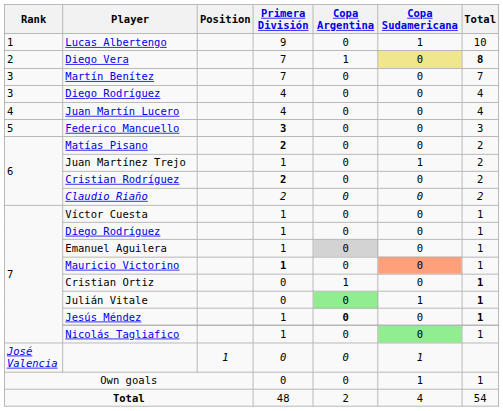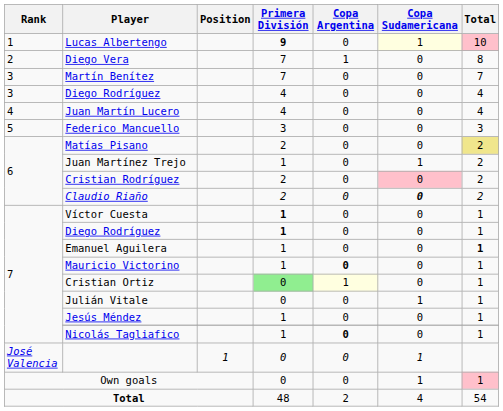 <table class="wikitable">
 <tr>
 <th>Rank</th>
 <th style="width:160px;">Player</th>
 <th>Position</th>
 <th><a href='#'>Primera División</a></th>
 <th><a href='#'>Copa Argentina</a></th>
 <th><a href='#'>Copa Sudamericana</a></th>
 <th>Total</th>
 </tr>
 <tr>
 <td>1</td>
 <td align=left> <a href='#'>Lucas Albertengo</a></td>
 <td align=center></td>
-<td align=center>9</td>
+<td align=center><strong>9</strong></td>
 <td align=center>0</td>
-<td align=center>1</td>
-<td align=center>10</td>
+<td align=center style="background: lightyellow;">1</td>
+<td align=center style="background: pink;">10</td>
 </tr>
 <tr>
 <td>2</td>
 <td align=left> <a href='#'>Diego Vera</a></td>
 <td align=center></td>
 <td align=center>7</td>
 <td align=center>1</td>
-<td align=center style="background: khaki;">0</td>
-<td align=center><strong>8</strong></td>
+<td align=center>0</td>
+<td align=center>8</td>
 </tr>
 <tr>
 <td>3</td>
 <td align=left> <a href='#'>Martín Benítez</a></td>
 <td align=center></td>
 <td align=center>7</td>
 <td align=center>0</td>
 <td align=center>0</td>
 <td align=center>7</td>
 </tr>
 <tr>
 <td>3</td>
 <td align=left> <a href='#'>Diego Rodríguez</a></td>
 <td align=center></td>
 <td align=center>4</td>
 <td align=center>0</td>
 <td align=center>0</td>
 <td align=center>4</td>
 </tr>
 <tr>
 <td>4</td>
 <td align=left> <a href='#'>Juan Martín Lucero</a></td>
 <td align=center></td>
 <td align=center>4</td>
 <td align=center>0</td>
 <td align=center>0</td>
 <td align=center>4</td>
 </tr>
 <tr>
 <td>5</td>
 <td align=left> <a href='#'>Federico Mancuello</a></td>
 <td align=center></td>
-<td align=center><strong>3</strong></td>
+<td align=center>3</td>
 <td align=center>0</td>
 <td align=center>0</td>
 <td align=center>3</td>
 </tr>
 <tr>
 <td align=left rowspan=4>6</td>
 <td align=left> <a href='#'>Matías Pisano</a></td>
 <td align=center></td>
-<td align=center><strong>2</strong></td>
+<td align=center>2</td>
 <td align=center>0</td>
 <td align=center>0</td>
-<td align=center>2</td>
+<td align=center style="background: khaki;">2</td>
 </tr>
 <tr>
 <td align=left> Juan Martínez Trejo</td>
 <td align=center></td>
 <td align=center>1</td>
 <td align=center>0</td>
 <td align=center>1</td>
 <td align=center>2</td>
 </tr>
 <tr>
 <td align=left> <a href='#'>Cristian Rodríguez</a></td>
 <td align=center></td>
-<td align=center><strong>2</strong></td>
+<td align=center>2</td>
 <td align=center>0</td>
-<td align=center>0</td>
+<td align=center style="background: pink;">0</td>
 <td align=center>2</td>
 </tr>
 <tr>
 <td align=left> <em><a href='#'>Claudio Riaño</a></em></td>
 <td align=center></td>
 <td align=center><em>2</em></td>
 <td align=center><em>0</em></td>
-<td align=center><em>0</em></td>
+<td align=center><strong><em>0</em></strong></td>
 <td align=center><em>2</em></td>
 </tr>
 <tr>
 <td align=left rowspan=9>7</td>
 <td align=left> Víctor Cuesta</td>
 <td align=center></td>
-<td align=center>1</td>
+<td align=center><strong>1</strong></td>
 <td align=center>0</td>
 <td align=center>0</td>
 <td align=center>1</td>
 </tr>
 <tr>
 <td align=left> <a href='#'>Diego Rodríguez</a></td>
 <td align=center></td>
-<td align=center>1</td>
+<td align=center><strong>1</strong></td>
 <td align=center>0</td>
 <td align=center>0</td>
 <td align=center>1</td>
 </tr>
 <tr>
 <td align=left> Emanuel Aguilera</td>
 <td align=center></td>
 <td align=center>1</td>
-<td align=center style="background: lightgrey;">0</td>
 <td align=center>0</td>
-<td align=center>1</td>
+<td align=center>0</td>
+<td align=center><strong>1</strong></td>
 </tr>
 <tr>
 <td align=left> <a href='#'>Mauricio Victorino</a></td>
 <td align=center></td>
-<td align=center><strong>1</strong></td>
+<td align=center>1</td>
+<td align=center><strong>0</strong></td>
 <td align=center>0</td>
-<td align=center style="background: lightsalmon;">0</td>
 <td align=center>1</td>
 </tr>
 <tr>
 <td align=left> Cristian Ortiz</td>
 <td align=center></td>
+<td align=center style="background: lightgreen;">0</td>
+<td align=center style="background: lightyellow;">1</td>
 <td align=center>0</td>
 <td align=center>1</td>
-<td align=center>0</td>
-<td align=center><strong>1</strong></td>
 </tr>
 <tr>
 <td align=left> Julián Vitale</td>
 <td align=center></td>
 <td align=center>0</td>
-<td align=center style="background: lightgreen;">0</td>
+<td align=center>0</td>
 <td align=center>1</td>
-<td align=center><strong>1</strong></td>
+<td align=center>1</td>
 </tr>
 <tr>
 <td align=left> <a href='#'>Jesús Méndez</a></td>
 <td align=center></td>
 <td align=center>1</td>
-<td align=center><strong>0</strong></td>
 <td align=center>0</td>
-<td align=center><strong>1</strong></td>
+<td align=center>0</td>
+<td align=center>1</td>
 </tr>
 <tr>
 </tr>
 <tr>
 <td align=left> <a href='#'>Nicolás Tagliafico</a></td>
 <td align=center></td>
 <td align=center>1</td>
+<td align=center><strong>0</strong></td>
 <td align=center>0</td>
-<td align=center style="background: lightgreen;">0</td>
 <td align=center>1</td>
 </tr>
 <tr>
 <td align=left> <em><a href='#'>José Valencia</a></em></td>
 <td align=center></td>
 <td align=center><em>1</em></td>
 <td align=center><em>0</em></td>
 <td align=center><em>0</em></td>
 <td align=center><em>1</em></td>
 </tr>
 <tr>
 <td align=center colspan=3>Own goals</td>
 <td align=center>0</td>
 <td align=center>0</td>
 <td align=center>1</td>
-<td align=center>1</td>
+<td align=center style="background: pink;">1</td>
 </tr>
 <tr>
 <td align=center colspan=3><strong>Total</strong></td>
 <td align=center>48</td>
 <td align=center>2</td>
 <td align=center>4</td>
 <td align=center>54</td>
 </tr>
 </table>
